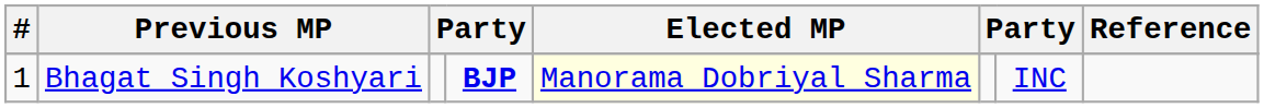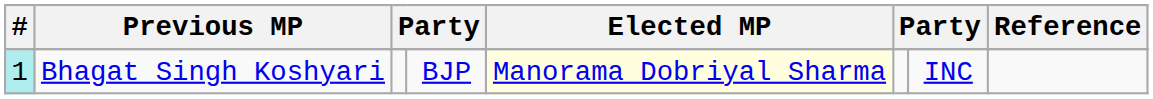 <table class="wikitable">
 <tr>
 <th>#</th>
 <th>Previous MP</th>
 <th colspan=2>Party</th>
 <th>Elected MP</th>
 <th colspan=2>Party</th>
 <th>Reference</th>
 </tr>
 <tr>
 </tr>
 <tr style="text-align:center;">
-<td>1</td>
+<td style="background: paleturquoise;">1</td>
 <td><a href='#'>Bhagat Singh Koshyari</a></td>
 <td width="1px"></td>
-<td><strong><a href='#'>BJP</a></strong></td>
+<td><a href='#'>BJP</a></td>
 <td style="background: lightyellow;"><a href='#'>Manorama Dobriyal Sharma</a></td>
 <td></td>
 <td><a href='#'>INC</a></td>
 <td rowspan=1></td>
 </tr>
 </table>
